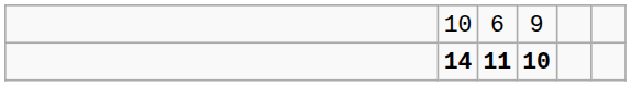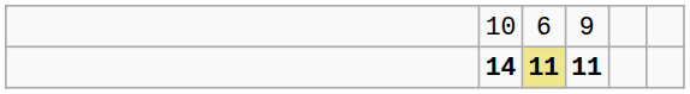 <table class="wikitable">
 <tr>
 <td style="width:18em"></td>
 <td align=center style="width:1em">10</td>
 <td align=center style="width:1em">6</td>
 <td align=center style="width:1em">9</td>
 <td align=center style="width:1em"></td>
 <td align=center style="width:1em"></td>
 </tr>
 <tr>
 <td style="width:18em"><strong></strong></td>
 <td align=center style="width:1em"><strong>14</strong></td>
+<td align=center style="background: khaki; width:1em"><strong>11</strong></td>
 <td align=center style="width:1em"><strong>11</strong></td>
-<td align=center style="width:1em"><strong>10</strong></td>
 <td align=center style="width:1em"></td>
 <td align=center style="width:1em"></td>
 </tr>
 </table>
